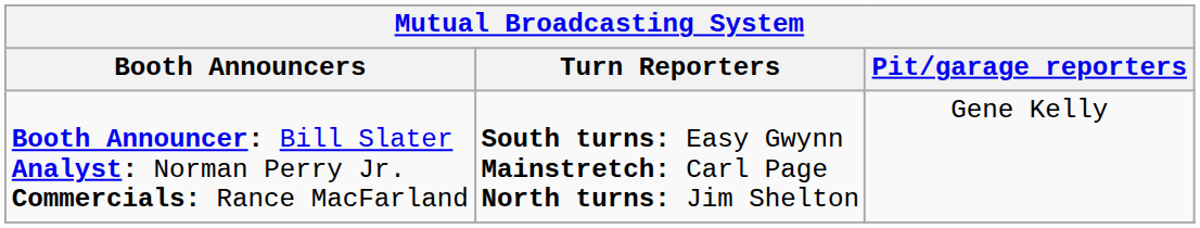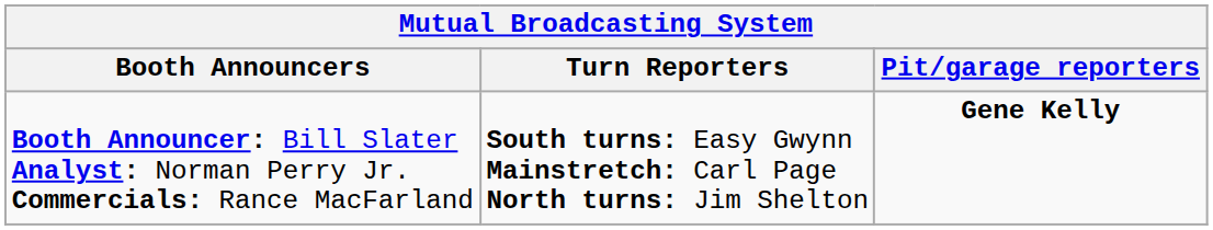 <table class="wikitable" style="font-size: 95%;">
 <tr>
 <th colspan=3><a href='#'>Mutual Broadcasting System</a></th>
 </tr>
 <tr>
 <th>Booth Announcers</th>
 <th>Turn Reporters</th>
 <th><a href='#'>Pit/garage reporters</a></th>
 </tr>
 <tr>
 <td valign="top"><br><strong><a href='#'>Booth Announcer</a>:</strong> <a href='#'>Bill Slater</a><br> <strong><a href='#'>Analyst</a>:</strong> Norman Perry Jr.<br> <strong>Commercials:</strong> Rance MacFarland<br></td>
 <td valign="top"><br><strong>South turns:</strong> Easy Gwynn<br> <strong>Mainstretch:</strong> Carl Page<br> <strong>North turns:</strong> Jim Shelton<br></td>
-<td align="center" valign="top">Gene Kelly<br></td>
+<td align="center" valign="top"><strong>Gene Kelly<br></strong></td>
 </tr>
 </table>
